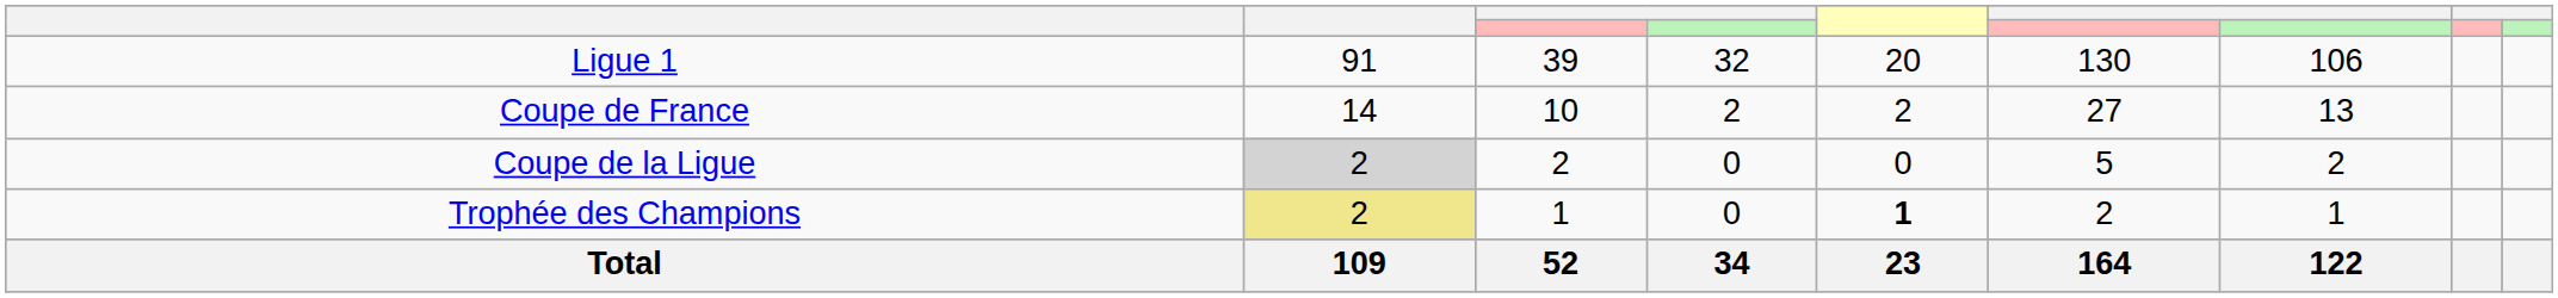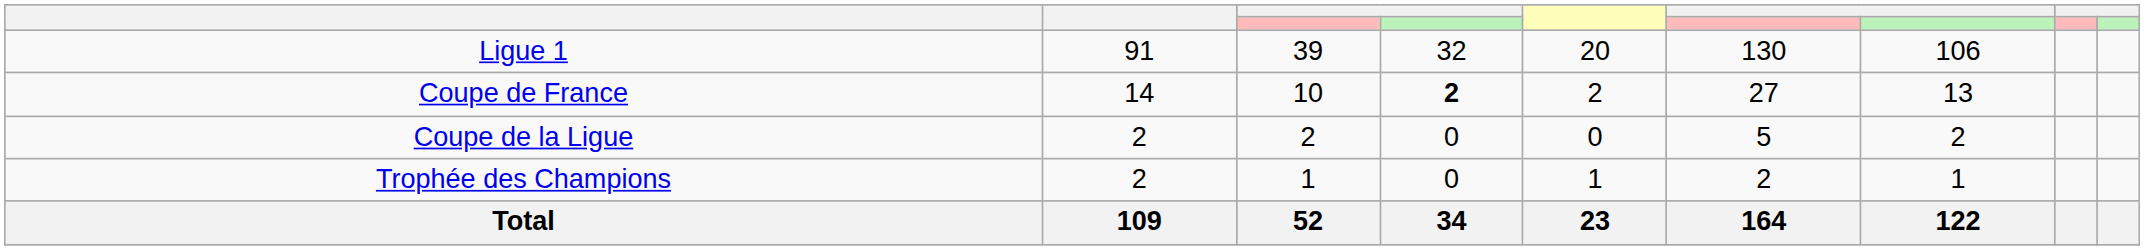 <table class="wikitable sortable" style="text-align:center; width:100%;">
 <tr>
 <th rowspan="2"></th>
 <th rowspan="2"></th>
 <th colspan="2"></th>
 <th rowspan="2" style="background-color:#FFFFBB;"></th>
 <th colspan="2"></th>
 <th colspan="2"></th>
 </tr>
 <tr>
 <th style="background-color:#FFBBBB;"></th>
 <th style="background-color:#BBF3BB;"></th>
 <th style="background-color:#FFBBBB;"></th>
 <th style="background-color:#BBF3BB;"></th>
 <th style="background-color:#FFBBBB;"></th>
 <th style="background-color:#BBF3BB;"></th>
 </tr>
 <tr>
 <td><a href='#'>Ligue 1</a></td>
 <td>91</td>
 <td>39</td>
 <td>32</td>
 <td>20</td>
 <td>130</td>
 <td>106</td>
 <td></td>
 <td></td>
 </tr>
 <tr>
 <td><a href='#'>Coupe de France</a></td>
 <td>14</td>
 <td>10</td>
-<td>2</td>
+<td><strong>2</strong></td>
 <td>2</td>
 <td>27</td>
 <td>13</td>
 <td></td>
 <td></td>
 </tr>
 <tr>
 <td><a href='#'>Coupe de la Ligue</a></td>
-<td style="background: lightgrey;">2</td>
+<td>2</td>
 <td>2</td>
 <td>0</td>
 <td>0</td>
 <td>5</td>
 <td>2</td>
 <td></td>
 <td></td>
 </tr>
 <tr>
 <td><a href='#'>Trophée des Champions</a></td>
-<td style="background: khaki;">2</td>
+<td>2</td>
 <td>1</td>
 <td>0</td>
-<td><strong>1</strong></td>
+<td>1</td>
 <td>2</td>
 <td>1</td>
 <td></td>
 <td></td>
 </tr>
 <tr>
 <th>Total</th>
 <th>109</th>
 <th>52</th>
 <th>34</th>
 <th>23</th>
 <th>164</th>
 <th>122</th>
 <th></th>
 <th></th>
 </tr>
 </table>
